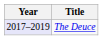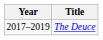 <table class="wikitable sortable">
 <tr>
 <th>Year</th>
 <th>Title</th>
 </tr>
 <tr>
-<td style="background: lavender;">2017–2019</td>
+<td>2017–2019</td>
 <td><em><a href='#'>The Deuce</a></em></td>
 </tr>
 </table>
